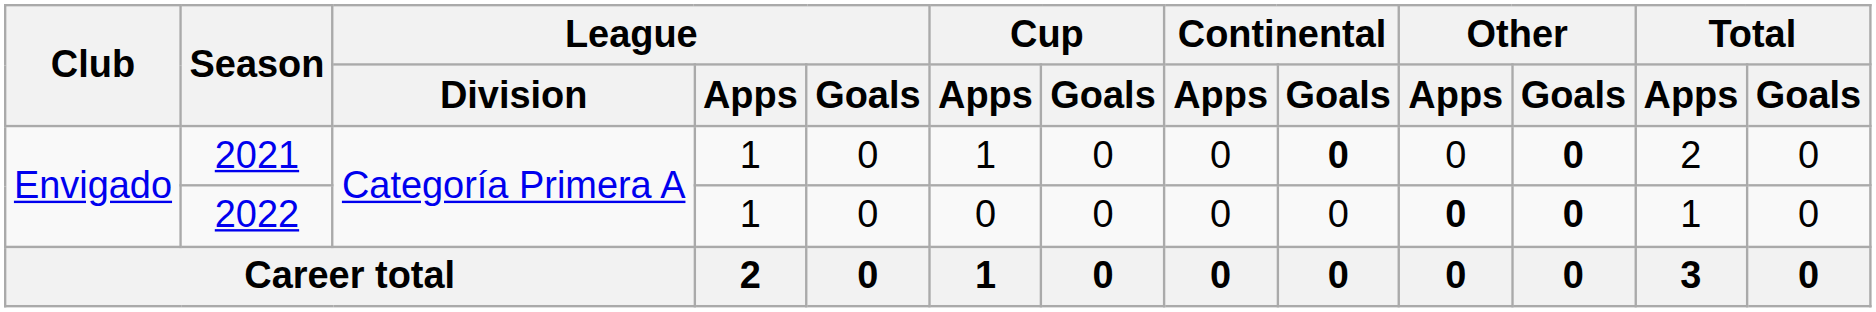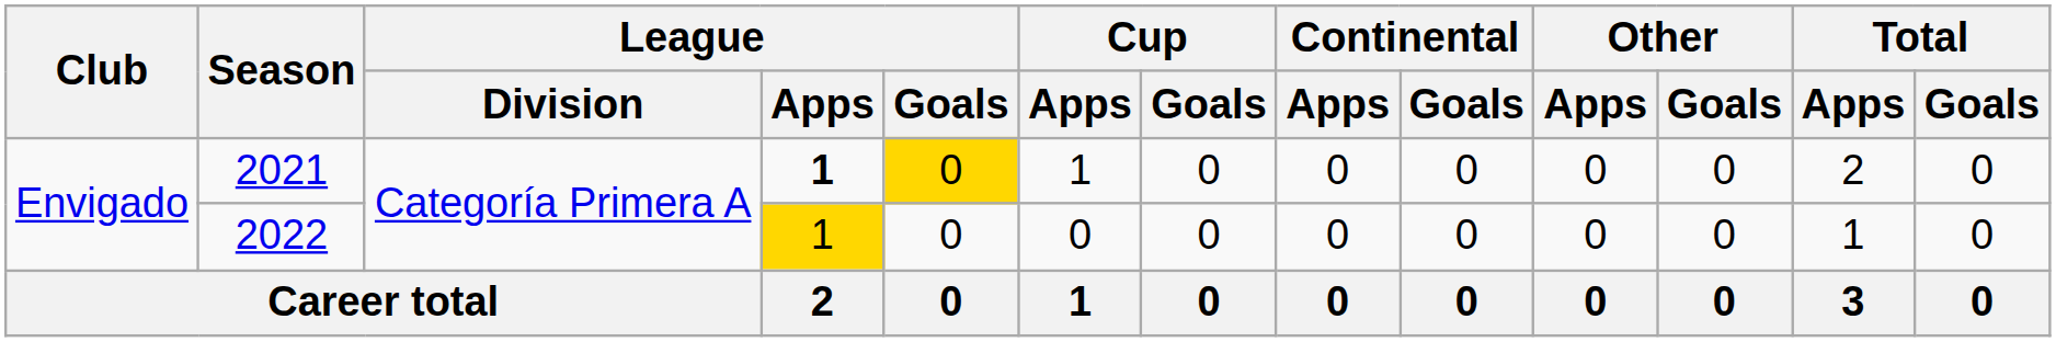 <table class="wikitable" style="text-align: center">
 <tr>
 <th rowspan="2">Club</th>
 <th rowspan="2">Season</th>
 <th colspan="3">League</th>
 <th colspan="2">Cup</th>
 <th colspan="2">Continental</th>
 <th colspan="2">Other</th>
 <th colspan="2">Total</th>
 </tr>
 <tr>
 <th>Division</th>
 <th>Apps</th>
 <th>Goals</th>
 <th>Apps</th>
 <th>Goals</th>
 <th>Apps</th>
 <th>Goals</th>
 <th>Apps</th>
 <th>Goals</th>
 <th>Apps</th>
 <th>Goals</th>
 </tr>
 <tr>
 <td rowspan="2"><a href='#'>Envigado</a></td>
 <td><a href='#'>2021</a></td>
 <td rowspan="2"><a href='#'>Categoría Primera A</a></td>
-<td>1</td>
-<td>0</td>
-<td>1</td>
-<td>0</td>
-<td>0</td>
-<td><strong>0</strong></td>
-<td>0</td>
-<td><strong>0</strong></td>
-<td>2</td>
-<td>0</td>
-</tr>
-<tr>
-<td><a href='#'>2022</a></td>
+<td><strong>1</strong></td>
+<td style="background: gold;">0</td>
 <td>1</td>
 <td>0</td>
 <td>0</td>
 <td>0</td>
 <td>0</td>
 <td>0</td>
-<td><strong>0</strong></td>
-<td><strong>0</strong></td>
+<td>2</td>
+<td>0</td>
+</tr>
+<tr>
+<td><a href='#'>2022</a></td>
+<td style="background: gold;">1</td>
+<td>0</td>
+<td>0</td>
+<td>0</td>
+<td>0</td>
+<td>0</td>
+<td>0</td>
+<td>0</td>
 <td>1</td>
 <td>0</td>
 </tr>
 <tr>
 <th colspan="3"><strong>Career total</strong></th>
 <th>2</th>
 <th>0</th>
 <th>1</th>
 <th>0</th>
 <th>0</th>
 <th>0</th>
 <th>0</th>
 <th>0</th>
 <th>3</th>
 <th>0</th>
 </tr>
 </table>
